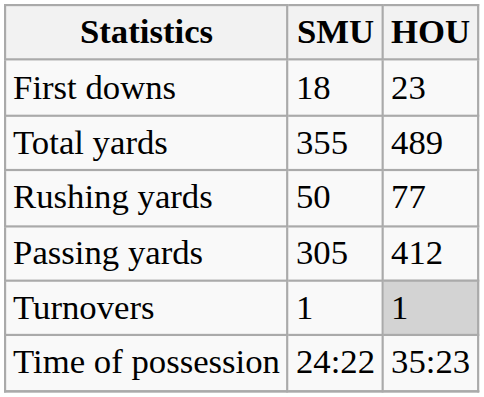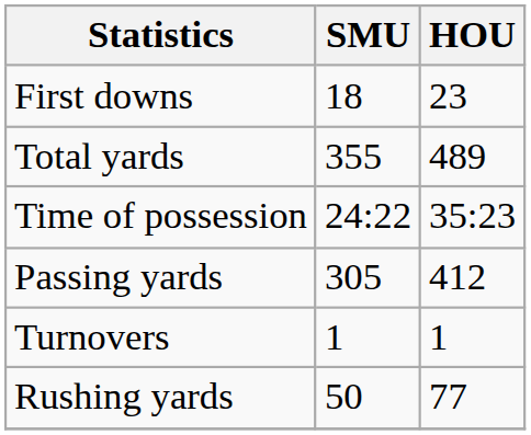 <table class="wikitable">
 <tr>
 <th>Statistics</th>
 <th>SMU</th>
 <th>HOU</th>
 </tr>
 <tr>
 <td>First downs</td>
 <td>18</td>
 <td>23</td>
 </tr>
 <tr>
 <td>Total yards</td>
 <td>355</td>
 <td>489</td>
 </tr>
 <tr>
-<td>Rushing yards</td>
-<td>50</td>
-<td>77</td>
+<td>Time of possession</td>
+<td>24:22</td>
+<td>35:23</td>
 </tr>
 <tr>
 <td>Passing yards</td>
 <td>305</td>
 <td>412</td>
 </tr>
 <tr>
 <td>Turnovers</td>
 <td>1</td>
-<td style="background: lightgrey;">1</td>
+<td>1</td>
 </tr>
 <tr>
-<td>Time of possession</td>
-<td>24:22</td>
-<td>35:23</td>
+<td>Rushing yards</td>
+<td>50</td>
+<td>77</td>
 </tr>
 <tr>
 </tr>
 </table>
